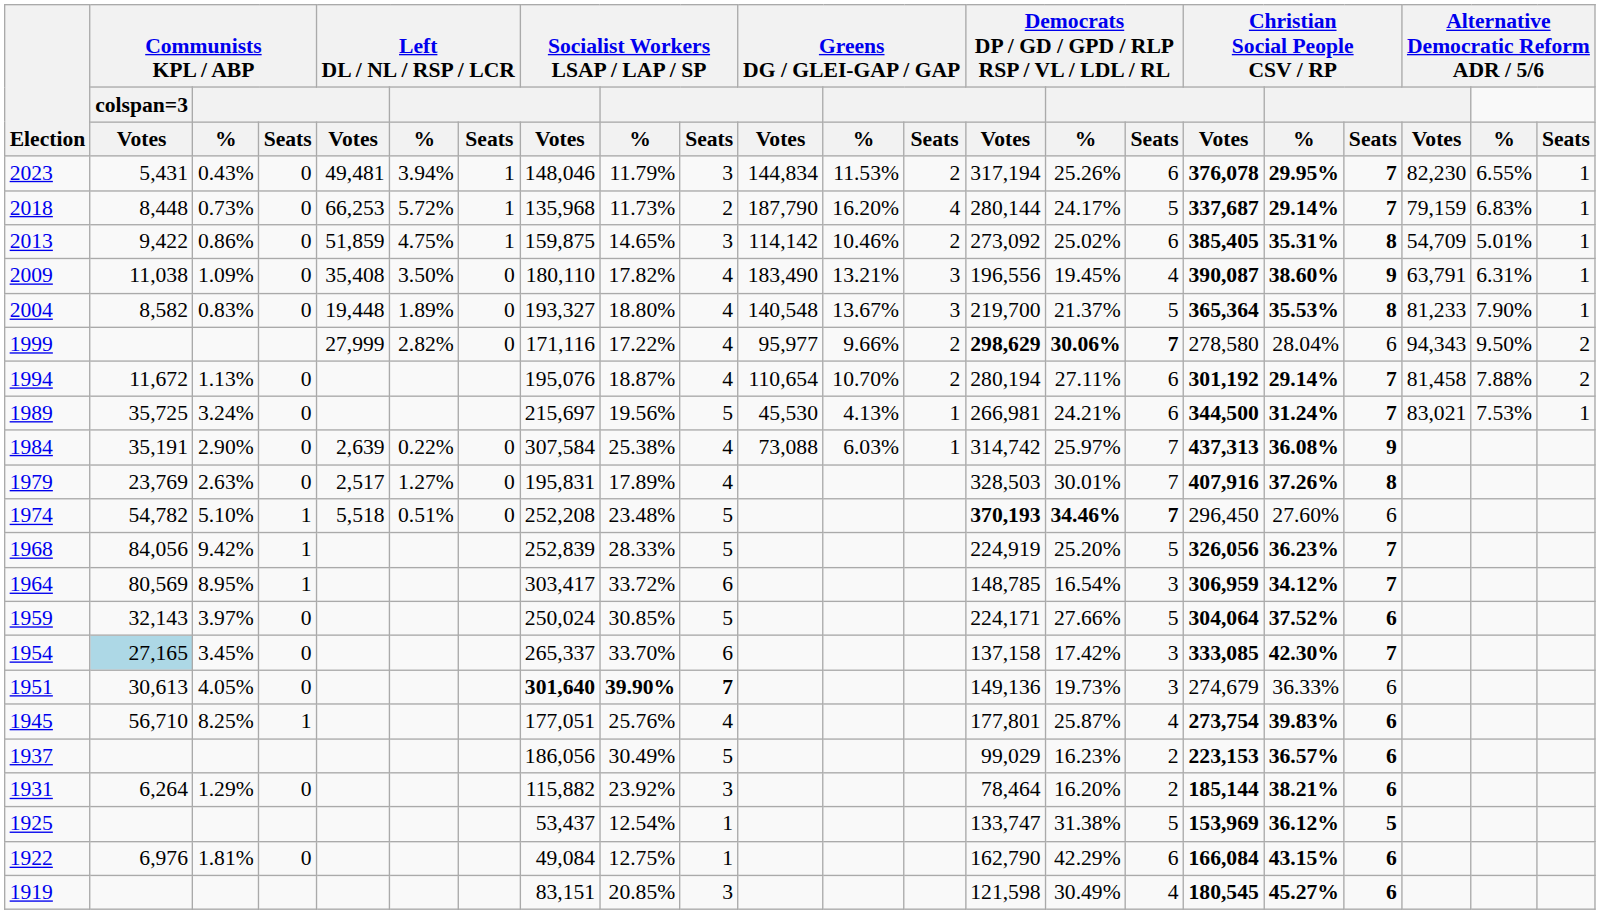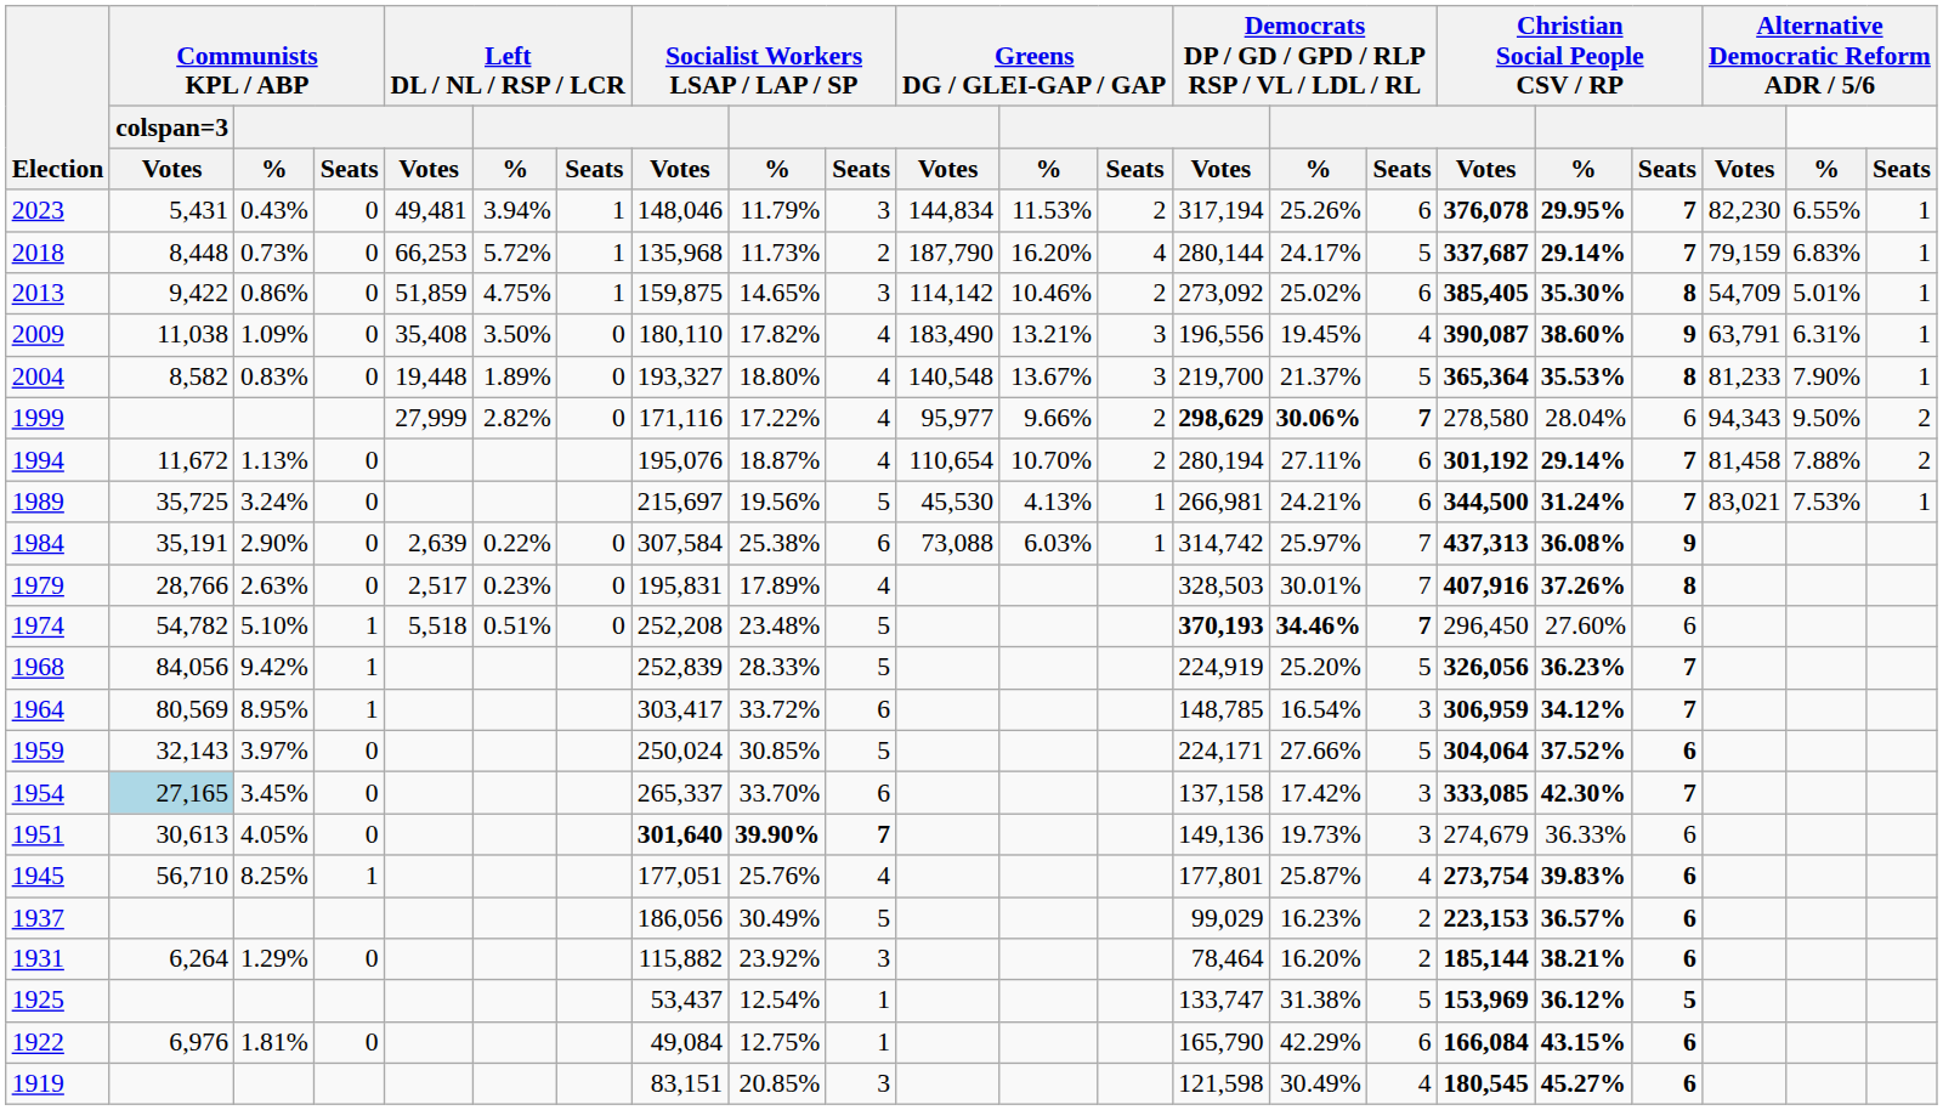 <table class="wikitable" border="1" style="font-size:100%; text-align:right;">
 <tr>
 <th style="text-align:left;" valign=bottom rowspan=3>Election</th>
 <th valign=bottom colspan=3><a href='#'>Communists</a><br>KPL / ABP</th>
 <th valign=bottom colspan=3><a href='#'>Left</a><br>DL / NL / RSP / LCR</th>
 <th valign=bottom colspan=3><a href='#'>Socialist Workers</a><br>LSAP / LAP / SP</th>
 <th valign=bottom colspan=3><a href='#'>Greens</a><br>DG / GLEI-GAP / GAP</th>
 <th valign=bottom colspan=3><a href='#'>Democrats</a><br>DP / GD / GPD / RLP<br>RSP / VL / LDL / RL</th>
 <th valign=bottom colspan=3><a href='#'>Christian<br>Social People</a><br>CSV / RP</th>
 <th valign=bottom colspan=3><a href='#'>Alternative<br>Democratic Reform</a><br>ADR / 5/6</th>
 </tr>
 <tr>
 <th>colspan=3 </th>
 <th colspan=3 style="background:"></th>
 <th colspan=3 style="background:"></th>
 <th colspan=3 style="background:"></th>
 <th colspan=3 style="background:"></th>
 <th colspan=3 style="background:"></th>
 <th colspan=3 style="background:"></th>
 </tr>
 <tr>
 <th>Votes</th>
 <th>%</th>
 <th>Seats</th>
 <th>Votes</th>
 <th>%</th>
 <th>Seats</th>
 <th>Votes</th>
 <th>%</th>
 <th>Seats</th>
 <th>Votes</th>
 <th>%</th>
 <th>Seats</th>
 <th>Votes</th>
 <th>%</th>
 <th>Seats</th>
 <th>Votes</th>
 <th>%</th>
 <th>Seats</th>
 <th>Votes</th>
 <th>%</th>
 <th>Seats</th>
 </tr>
 <tr>
 <td align=left><a href='#'>2023</a></td>
 <td>5,431</td>
 <td>0.43%</td>
 <td>0</td>
 <td>49,481</td>
 <td>3.94%</td>
 <td>1</td>
 <td>148,046</td>
 <td>11.79%</td>
 <td>3</td>
 <td>144,834</td>
 <td>11.53%</td>
 <td>2</td>
 <td>317,194</td>
 <td>25.26%</td>
 <td>6</td>
 <td><strong>376,078</strong></td>
 <td><strong>29.95%</strong></td>
 <td><strong>7</strong></td>
 <td>82,230</td>
 <td>6.55%</td>
 <td>1</td>
 </tr>
 <tr>
 <td align=left><a href='#'>2018</a></td>
 <td>8,448</td>
 <td>0.73%</td>
 <td>0</td>
 <td>66,253</td>
 <td>5.72%</td>
 <td>1</td>
 <td>135,968</td>
 <td>11.73%</td>
 <td>2</td>
 <td>187,790</td>
 <td>16.20%</td>
 <td>4</td>
 <td>280,144</td>
 <td>24.17%</td>
 <td>5</td>
 <td><strong>337,687</strong></td>
 <td><strong>29.14%</strong></td>
 <td><strong>7</strong></td>
 <td>79,159</td>
 <td>6.83%</td>
 <td>1</td>
 </tr>
 <tr>
 <td align=left><a href='#'>2013</a></td>
 <td>9,422</td>
 <td>0.86%</td>
 <td>0</td>
 <td>51,859</td>
 <td>4.75%</td>
 <td>1</td>
 <td>159,875</td>
 <td>14.65%</td>
 <td>3</td>
 <td>114,142</td>
 <td>10.46%</td>
 <td>2</td>
 <td>273,092</td>
 <td>25.02%</td>
 <td>6</td>
 <td><strong>385,405</strong></td>
-<td><strong>35.31%</strong></td>
+<td><strong>35.30%</strong></td>
 <td><strong>8</strong></td>
 <td>54,709</td>
 <td>5.01%</td>
 <td>1</td>
 </tr>
 <tr>
 <td align=left><a href='#'>2009</a></td>
 <td>11,038</td>
 <td>1.09%</td>
 <td>0</td>
 <td>35,408</td>
 <td>3.50%</td>
 <td>0</td>
 <td>180,110</td>
 <td>17.82%</td>
 <td>4</td>
 <td>183,490</td>
 <td>13.21%</td>
 <td>3</td>
 <td>196,556</td>
 <td>19.45%</td>
 <td>4</td>
 <td><strong>390,087</strong></td>
 <td><strong>38.60%</strong></td>
 <td><strong>9</strong></td>
 <td>63,791</td>
 <td>6.31%</td>
 <td>1</td>
 </tr>
 <tr>
 <td align=left><a href='#'>2004</a></td>
 <td>8,582</td>
 <td>0.83%</td>
 <td>0</td>
 <td>19,448</td>
 <td>1.89%</td>
 <td>0</td>
 <td>193,327</td>
 <td>18.80%</td>
 <td>4</td>
 <td>140,548</td>
 <td>13.67%</td>
 <td>3</td>
 <td>219,700</td>
 <td>21.37%</td>
 <td>5</td>
 <td><strong>365,364</strong></td>
 <td><strong>35.53%</strong></td>
 <td><strong>8</strong></td>
 <td>81,233</td>
 <td>7.90%</td>
 <td>1</td>
 </tr>
 <tr>
 <td align=left><a href='#'>1999</a></td>
 <td></td>
 <td></td>
 <td></td>
 <td>27,999</td>
 <td>2.82%</td>
 <td>0</td>
 <td>171,116</td>
 <td>17.22%</td>
 <td>4</td>
 <td>95,977</td>
 <td>9.66%</td>
 <td>2</td>
 <td><strong>298,629</strong></td>
 <td><strong>30.06%</strong></td>
 <td><strong>7</strong></td>
 <td>278,580</td>
 <td>28.04%</td>
 <td>6</td>
 <td>94,343</td>
 <td>9.50%</td>
 <td>2</td>
 </tr>
 <tr>
 <td align=left><a href='#'>1994</a></td>
 <td>11,672</td>
 <td>1.13%</td>
 <td>0</td>
 <td></td>
 <td></td>
 <td></td>
 <td>195,076</td>
 <td>18.87%</td>
 <td>4</td>
 <td>110,654</td>
 <td>10.70%</td>
 <td>2</td>
 <td>280,194</td>
 <td>27.11%</td>
 <td>6</td>
 <td><strong>301,192</strong></td>
 <td><strong>29.14%</strong></td>
 <td><strong>7</strong></td>
 <td>81,458</td>
 <td>7.88%</td>
 <td>2</td>
 </tr>
 <tr>
 <td align=left><a href='#'>1989</a></td>
 <td>35,725</td>
 <td>3.24%</td>
 <td>0</td>
 <td></td>
 <td></td>
 <td></td>
 <td>215,697</td>
 <td>19.56%</td>
 <td>5</td>
 <td>45,530</td>
 <td>4.13%</td>
 <td>1</td>
 <td>266,981</td>
 <td>24.21%</td>
 <td>6</td>
 <td><strong>344,500</strong></td>
 <td><strong>31.24%</strong></td>
 <td><strong>7</strong></td>
 <td>83,021</td>
 <td>7.53%</td>
 <td>1</td>
 </tr>
 <tr>
 <td align=left><a href='#'>1984</a></td>
 <td>35,191</td>
 <td>2.90%</td>
 <td>0</td>
 <td>2,639</td>
 <td>0.22%</td>
 <td>0</td>
 <td>307,584</td>
 <td>25.38%</td>
-<td>4</td>
+<td>6</td>
 <td>73,088</td>
 <td>6.03%</td>
 <td>1</td>
 <td>314,742</td>
 <td>25.97%</td>
 <td>7</td>
 <td><strong>437,313</strong></td>
 <td><strong>36.08%</strong></td>
 <td><strong>9</strong></td>
 <td></td>
 <td></td>
 <td></td>
 </tr>
 <tr>
 <td align=left><a href='#'>1979</a></td>
-<td>23,769</td>
+<td>28,766</td>
 <td>2.63%</td>
 <td>0</td>
 <td>2,517</td>
-<td>1.27%</td>
+<td>0.23%</td>
 <td>0</td>
 <td>195,831</td>
 <td>17.89%</td>
 <td>4</td>
 <td></td>
 <td></td>
 <td></td>
 <td>328,503</td>
 <td>30.01%</td>
 <td>7</td>
 <td><strong>407,916</strong></td>
 <td><strong>37.26%</strong></td>
 <td><strong>8</strong></td>
 <td></td>
 <td></td>
 <td></td>
 </tr>
 <tr>
 <td align=left><a href='#'>1974</a></td>
 <td>54,782</td>
 <td>5.10%</td>
 <td>1</td>
 <td>5,518</td>
 <td>0.51%</td>
 <td>0</td>
 <td>252,208</td>
 <td>23.48%</td>
 <td>5</td>
 <td></td>
 <td></td>
 <td></td>
 <td><strong>370,193</strong></td>
 <td><strong>34.46%</strong></td>
 <td><strong>7</strong></td>
 <td>296,450</td>
 <td>27.60%</td>
 <td>6</td>
 <td></td>
 <td></td>
 <td></td>
 </tr>
 <tr>
 <td align=left><a href='#'>1968</a></td>
 <td>84,056</td>
 <td>9.42%</td>
 <td>1</td>
 <td></td>
 <td></td>
 <td></td>
 <td>252,839</td>
 <td>28.33%</td>
 <td>5</td>
 <td></td>
 <td></td>
 <td></td>
 <td>224,919</td>
 <td>25.20%</td>
 <td>5</td>
 <td><strong>326,056</strong></td>
 <td><strong>36.23%</strong></td>
 <td><strong>7</strong></td>
 <td></td>
 <td></td>
 <td></td>
 </tr>
 <tr>
 <td align=left><a href='#'>1964</a></td>
 <td>80,569</td>
 <td>8.95%</td>
 <td>1</td>
 <td></td>
 <td></td>
 <td></td>
 <td>303,417</td>
 <td>33.72%</td>
 <td>6</td>
 <td></td>
 <td></td>
 <td></td>
 <td>148,785</td>
 <td>16.54%</td>
 <td>3</td>
 <td><strong>306,959</strong></td>
 <td><strong>34.12%</strong></td>
 <td><strong>7</strong></td>
 <td></td>
 <td></td>
 <td></td>
 </tr>
 <tr>
 <td align=left><a href='#'>1959</a></td>
 <td>32,143</td>
 <td>3.97%</td>
 <td>0</td>
 <td></td>
 <td></td>
 <td></td>
 <td>250,024</td>
 <td>30.85%</td>
 <td>5</td>
 <td></td>
 <td></td>
 <td></td>
 <td>224,171</td>
 <td>27.66%</td>
 <td>5</td>
 <td><strong>304,064</strong></td>
 <td><strong>37.52%</strong></td>
 <td><strong>6</strong></td>
 <td></td>
 <td></td>
 <td></td>
 </tr>
 <tr>
 <td align=left><a href='#'>1954</a></td>
 <td style="background: lightblue;">27,165</td>
 <td>3.45%</td>
 <td>0</td>
 <td></td>
 <td></td>
 <td></td>
 <td>265,337</td>
 <td>33.70%</td>
 <td>6</td>
 <td></td>
 <td></td>
 <td></td>
 <td>137,158</td>
 <td>17.42%</td>
 <td>3</td>
 <td><strong>333,085</strong></td>
 <td><strong>42.30%</strong></td>
 <td><strong>7</strong></td>
 <td></td>
 <td></td>
 <td></td>
 </tr>
 <tr>
 <td align=left><a href='#'>1951</a></td>
 <td>30,613</td>
 <td>4.05%</td>
 <td>0</td>
 <td></td>
 <td></td>
 <td></td>
 <td><strong>301,640</strong></td>
 <td><strong>39.90%</strong></td>
 <td><strong>7</strong></td>
 <td></td>
 <td></td>
 <td></td>
 <td>149,136</td>
 <td>19.73%</td>
 <td>3</td>
 <td>274,679</td>
 <td>36.33%</td>
 <td>6</td>
 <td></td>
 <td></td>
 <td></td>
 </tr>
 <tr>
 <td align=left><a href='#'>1945</a></td>
 <td>56,710</td>
 <td>8.25%</td>
 <td>1</td>
 <td></td>
 <td></td>
 <td></td>
 <td>177,051</td>
 <td>25.76%</td>
 <td>4</td>
 <td></td>
 <td></td>
 <td></td>
 <td>177,801</td>
 <td>25.87%</td>
 <td>4</td>
 <td><strong>273,754</strong></td>
 <td><strong>39.83%</strong></td>
 <td><strong>6</strong></td>
 <td></td>
 <td></td>
 <td></td>
 </tr>
 <tr>
 <td align=left><a href='#'>1937</a></td>
 <td></td>
 <td></td>
 <td></td>
 <td></td>
 <td></td>
 <td></td>
 <td>186,056</td>
 <td>30.49%</td>
 <td>5</td>
 <td></td>
 <td></td>
 <td></td>
 <td>99,029</td>
 <td>16.23%</td>
 <td>2</td>
 <td><strong>223,153</strong></td>
 <td><strong>36.57%</strong></td>
 <td><strong>6</strong></td>
 <td></td>
 <td></td>
 <td></td>
 </tr>
 <tr>
 <td align=left><a href='#'>1931</a></td>
 <td>6,264</td>
 <td>1.29%</td>
 <td>0</td>
 <td></td>
 <td></td>
 <td></td>
 <td>115,882</td>
 <td>23.92%</td>
 <td>3</td>
 <td></td>
 <td></td>
 <td></td>
 <td>78,464</td>
 <td>16.20%</td>
 <td>2</td>
 <td><strong>185,144</strong></td>
 <td><strong>38.21%</strong></td>
 <td><strong>6</strong></td>
 <td></td>
 <td></td>
 <td></td>
 </tr>
 <tr>
 <td align=left><a href='#'>1925</a></td>
 <td></td>
 <td></td>
 <td></td>
 <td></td>
 <td></td>
 <td></td>
 <td>53,437</td>
 <td>12.54%</td>
 <td>1</td>
 <td></td>
 <td></td>
 <td></td>
 <td>133,747</td>
 <td>31.38%</td>
 <td>5</td>
 <td><strong>153,969</strong></td>
 <td><strong>36.12%</strong></td>
 <td><strong>5</strong></td>
 <td></td>
 <td></td>
 <td></td>
 </tr>
 <tr>
 <td align=left><a href='#'>1922</a></td>
 <td>6,976</td>
 <td>1.81%</td>
 <td>0</td>
 <td></td>
 <td></td>
 <td></td>
 <td>49,084</td>
 <td>12.75%</td>
 <td>1</td>
 <td></td>
 <td></td>
 <td></td>
-<td>162,790</td>
+<td>165,790</td>
 <td>42.29%</td>
 <td>6</td>
 <td><strong>166,084</strong></td>
 <td><strong>43.15%</strong></td>
 <td><strong>6</strong></td>
 <td></td>
 <td></td>
 <td></td>
 </tr>
 <tr>
 <td align=left><a href='#'>1919</a></td>
 <td></td>
 <td></td>
 <td></td>
 <td></td>
 <td></td>
 <td></td>
 <td>83,151</td>
 <td>20.85%</td>
 <td>3</td>
 <td></td>
 <td></td>
 <td></td>
 <td>121,598</td>
 <td>30.49%</td>
 <td>4</td>
 <td><strong>180,545</strong></td>
 <td><strong>45.27%</strong></td>
 <td><strong>6</strong></td>
 <td></td>
 <td></td>
 <td></td>
 </tr>
 </table>
